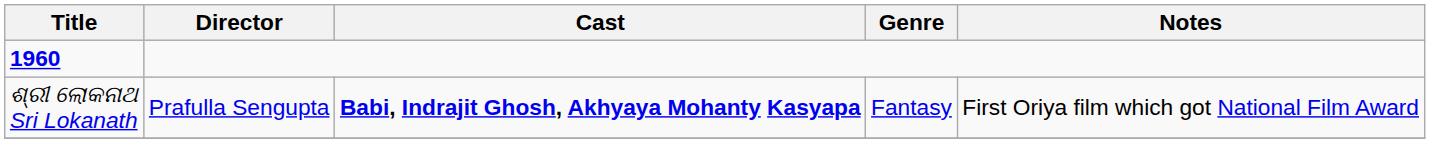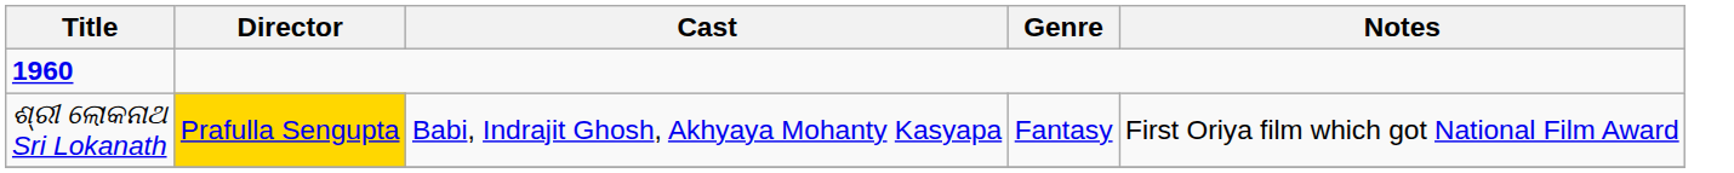 <table class="wikitable">
 <tr>
 <th>Title</th>
 <th>Director</th>
 <th>Cast</th>
 <th>Genre</th>
 <th>Notes</th>
 </tr>
 <tr>
 <td><strong><a href='#'>1960</a></strong></td>
 </tr>
 <tr>
 <td><em>ଶ୍ରୀ ଲୋକନାଥ<br><a href='#'>Sri Lokanath</a></em></td>
-<td><a href='#'>Prafulla Sengupta</a></td>
-<td><strong><a href='#'>Babi</a>, <a href='#'>Indrajit Ghosh</a>, <a href='#'>Akhyaya Mohanty</a> <a href='#'>Kasyapa</a></strong></td>
+<td style="background: gold;"><a href='#'>Prafulla Sengupta</a></td>
+<td><a href='#'>Babi</a>, <a href='#'>Indrajit Ghosh</a>, <a href='#'>Akhyaya Mohanty</a> <a href='#'>Kasyapa</a></td>
 <td><a href='#'>Fantasy</a></td>
 <td>First Oriya film which got <a href='#'>National Film Award</a></td>
 </tr>
 <tr>
 </tr>
 </table>
